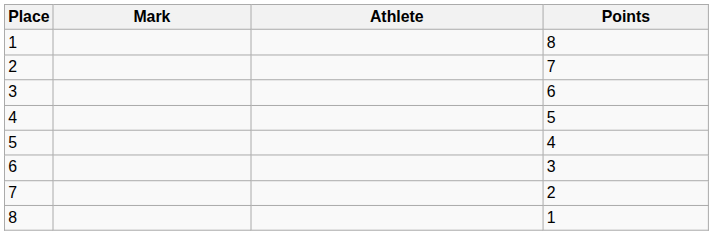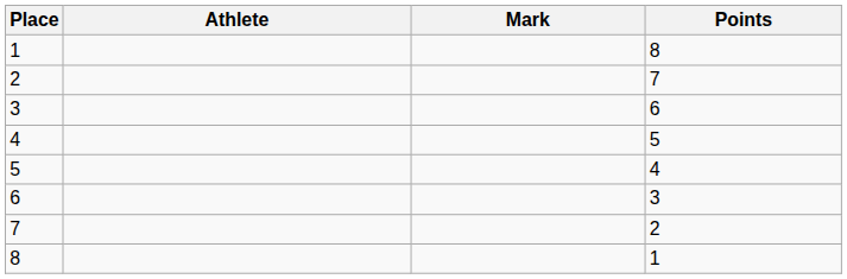 <table class=wikitable>
 <tr>
 <th>Place</th>
+<th style="width:18em">Athlete</th>
 <th style="width:12em">Mark</th>
-<th style="width:18em">Athlete</th>
 <th style="width:10em">Points</th>
 </tr>
 <tr>
 <td>1</td>
+<td></td>
 <td>  </td>
-<td></td>
 <td>8</td>
 </tr>
 <tr>
 <td>2</td>
+<td></td>
 <td> </td>
-<td></td>
 <td>7</td>
 </tr>
 <tr>
 <td>3</td>
+<td></td>
 <td> </td>
-<td></td>
 <td>6</td>
 </tr>
 <tr>
 <td>4</td>
+<td></td>
 <td> </td>
-<td></td>
 <td>5</td>
 </tr>
 <tr>
 <td>5</td>
+<td></td>
 <td> </td>
-<td></td>
 <td>4</td>
 </tr>
 <tr>
 <td>6</td>
+<td></td>
 <td> </td>
-<td></td>
 <td>3</td>
 </tr>
 <tr>
 <td>7</td>
+<td></td>
 <td> </td>
-<td></td>
 <td>2</td>
 </tr>
 <tr>
 <td>8</td>
+<td></td>
 <td> </td>
-<td></td>
 <td>1</td>
 </tr>
 </table>
